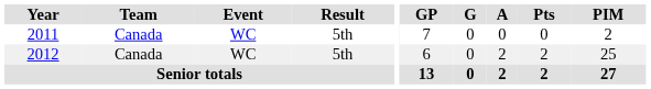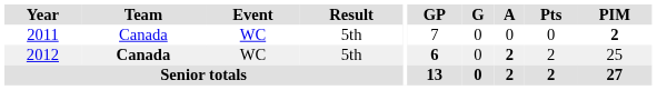 <table border="0" cellpadding="1" cellspacing="0" ID="Table3" style="text-align:center; width:40em">
 <tr ALIGN="centre" bgcolor="#e0e0e0">
 <th>Year</th>
 <th>Team</th>
 <th>Event</th>
 <th>Result</th>
 <th rowspan="99" bgcolor="#ffffff"></th>
 <th>GP</th>
 <th>G</th>
 <th>A</th>
 <th>Pts</th>
 <th>PIM</th>
 </tr>
 <tr>
 <td><a href='#'>2011</a></td>
 <td><a href='#'>Canada</a></td>
 <td><a href='#'>WC</a></td>
 <td>5th</td>
 <td>7</td>
 <td>0</td>
 <td>0</td>
 <td>0</td>
-<td>2</td>
+<td><strong>2</strong></td>
 </tr>
 <tr bgcolor="#f0f0f0">
 <td><a href='#'>2012</a></td>
-<td>Canada</td>
+<td><strong>Canada</strong></td>
 <td>WC</td>
 <td>5th</td>
-<td>6</td>
+<td><strong>6</strong></td>
 <td>0</td>
-<td>2</td>
+<td><strong>2</strong></td>
 <td>2</td>
 <td>25</td>
 </tr>
 <tr bgcolor="#e0e0e0">
 <th colspan=4>Senior totals</th>
 <th>13</th>
 <th>0</th>
 <th>2</th>
 <th>2</th>
 <th>27</th>
 </tr>
 </table>
